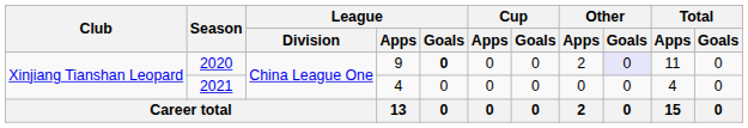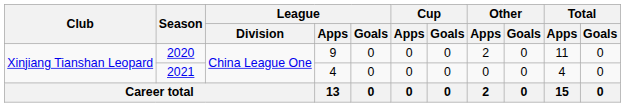 <table class="wikitable" style="text-align: center">
 <tr>
 <th rowspan="2">Club</th>
 <th rowspan="2">Season</th>
 <th colspan="3">League</th>
 <th colspan="2">Cup</th>
 <th colspan="2">Other</th>
 <th colspan="2">Total</th>
 </tr>
 <tr>
 <th>Division</th>
 <th>Apps</th>
 <th>Goals</th>
 <th>Apps</th>
 <th>Goals</th>
 <th>Apps</th>
 <th>Goals</th>
 <th>Apps</th>
 <th>Goals</th>
 </tr>
 <tr>
 <td rowspan="2"><a href='#'>Xinjiang Tianshan Leopard</a></td>
 <td><a href='#'>2020</a></td>
 <td rowspan="2"><a href='#'>China League One</a></td>
 <td>9</td>
-<td><strong>0</strong></td>
+<td>0</td>
 <td>0</td>
 <td>0</td>
 <td>2</td>
-<td style="background: lavender;">0</td>
+<td>0</td>
 <td>11</td>
 <td>0</td>
 </tr>
 <tr>
 <td><a href='#'>2021</a></td>
 <td>4</td>
 <td>0</td>
 <td>0</td>
 <td>0</td>
 <td>0</td>
 <td>0</td>
 <td>4</td>
 <td>0</td>
 </tr>
 <tr>
 <th colspan=3>Career total</th>
 <th>13</th>
 <th>0</th>
 <th>0</th>
 <th>0</th>
 <th>2</th>
 <th>0</th>
 <th>15</th>
 <th>0</th>
 </tr>
 </table>
